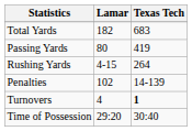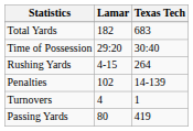 <table class="wikitable">
 <tr>
 <th>Statistics</th>
 <th>Lamar</th>
 <th>Texas Tech</th>
 </tr>
 <tr>
 </tr>
 <tr>
 <td>Total Yards</td>
 <td>182</td>
 <td>683</td>
 </tr>
 <tr>
-<td>Passing Yards</td>
-<td>80</td>
-<td>419</td>
+<td>Time of Possession</td>
+<td>29:20</td>
+<td>30:40</td>
 </tr>
 <tr>
 <td>Rushing Yards</td>
 <td>4-15</td>
 <td>264</td>
 </tr>
 <tr>
 <td>Penalties</td>
 <td>102</td>
 <td>14-139</td>
 </tr>
 <tr>
 <td>Turnovers</td>
 <td>4</td>
-<td><strong>1</strong></td>
+<td>1</td>
 </tr>
 <tr>
-<td>Time of Possession</td>
-<td>29:20</td>
-<td>30:40</td>
+<td>Passing Yards</td>
+<td>80</td>
+<td>419</td>
 </tr>
 </table>
